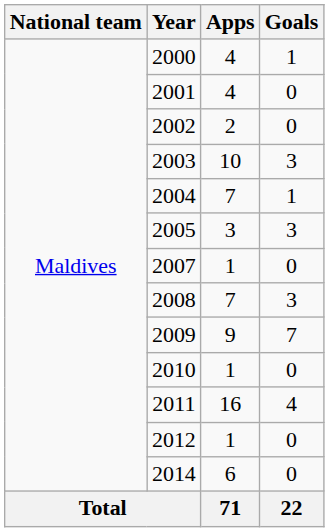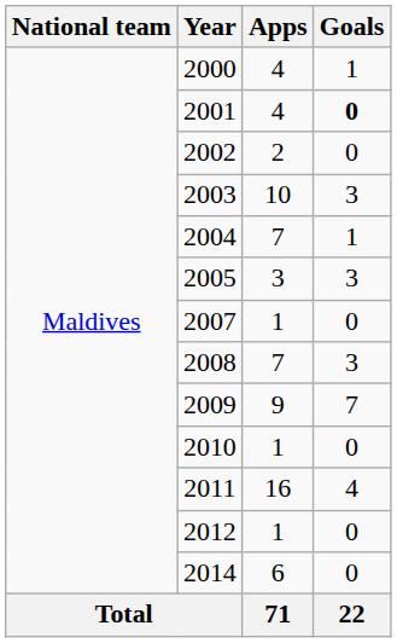 <table class="wikitable" style="text-align:center">
 <tr>
 <th>National team</th>
 <th>Year</th>
 <th>Apps</th>
 <th>Goals</th>
 </tr>
 <tr>
 <td rowspan="13"><a href='#'>Maldives</a></td>
 <td>2000</td>
 <td>4</td>
 <td>1</td>
 </tr>
 <tr>
 <td>2001</td>
 <td>4</td>
-<td>0</td>
+<td><strong>0</strong></td>
 </tr>
 <tr>
 <td>2002</td>
 <td>2</td>
 <td>0</td>
 </tr>
 <tr>
 <td>2003</td>
 <td>10</td>
 <td>3</td>
 </tr>
 <tr>
 <td>2004</td>
 <td>7</td>
 <td>1</td>
 </tr>
 <tr>
 <td>2005</td>
 <td>3</td>
 <td>3</td>
 </tr>
 <tr>
 <td>2007</td>
 <td>1</td>
 <td>0</td>
 </tr>
 <tr>
 <td>2008</td>
 <td>7</td>
 <td>3</td>
 </tr>
 <tr>
 <td>2009</td>
 <td>9</td>
 <td>7</td>
 </tr>
 <tr>
 <td>2010</td>
 <td>1</td>
 <td>0</td>
 </tr>
 <tr>
 <td>2011</td>
 <td>16</td>
 <td>4</td>
 </tr>
 <tr>
 <td>2012</td>
 <td>1</td>
 <td>0</td>
 </tr>
 <tr>
 <td>2014</td>
 <td>6</td>
 <td>0</td>
 </tr>
 <tr>
 <th colspan="2">Total</th>
 <th>71</th>
 <th>22</th>
 </tr>
 </table>
